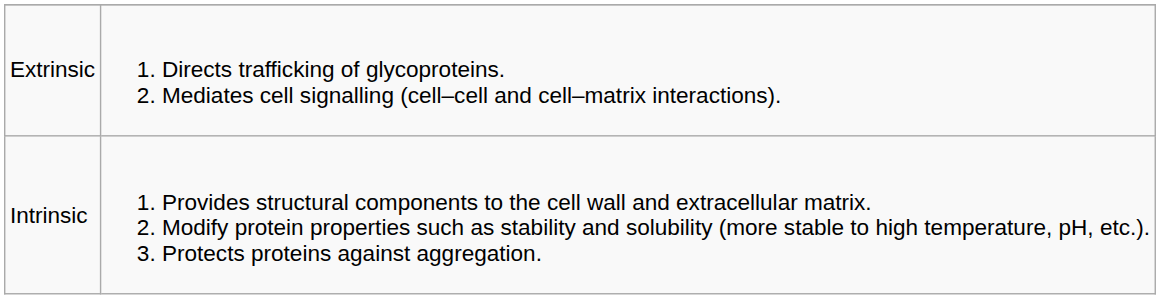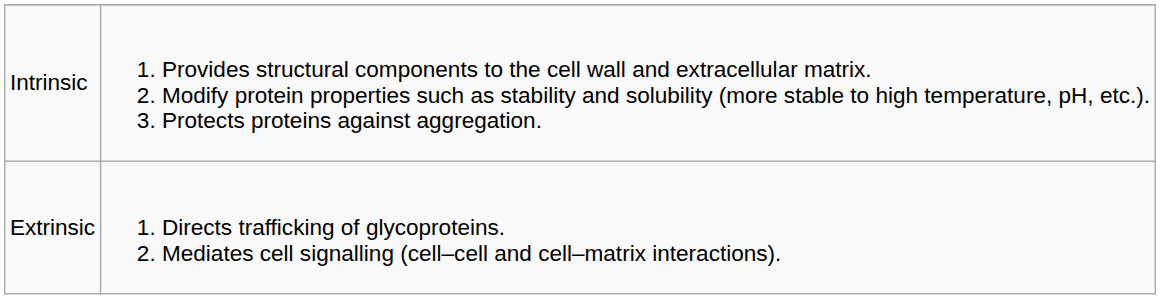 <table class="wikitable">
 <tr>
+</tr>
+<tr>
+<td>Intrinsic</td>
+<td><br><ol><li>Provides structural components to the cell wall and extracellular matrix.</li><li>Modify protein properties such as stability and solubility (more stable to high temperature, pH, etc.).</li><li>Protects proteins against aggregation.</li></ol></td>
 </tr>
 <tr>
 <td>Extrinsic</td>
 <td><br><ol><li>Directs trafficking of glycoproteins.</li><li>Mediates cell signalling (cell–cell and cell–matrix interactions).</li></ol></td>
 </tr>
-<tr>
-<td>Intrinsic</td>
-<td><br><ol><li>Provides structural components to the cell wall and extracellular matrix.</li><li>Modify protein properties such as stability and solubility (more stable to high temperature, pH, etc.).</li><li>Protects proteins against aggregation.</li></ol></td>
-</tr>
 </table>
